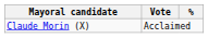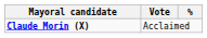 <table class="wikitable">
 <tr>
 <th bgcolor="#DDDDFF" width="200px">Mayoral candidate</th>
 <th bgcolor="#DDDDFF" width="50px">Vote</th>
 <th bgcolor="#DDDDFF"  width="30px">%</th>
 </tr>
 <tr>
-<td><a href='#'>Claude Morin</a> (X)</td>
+<td><strong><a href='#'>Claude Morin</a> (X)</strong></td>
 <td colspan="2">Acclaimed</td>
 </tr>
 </table>
